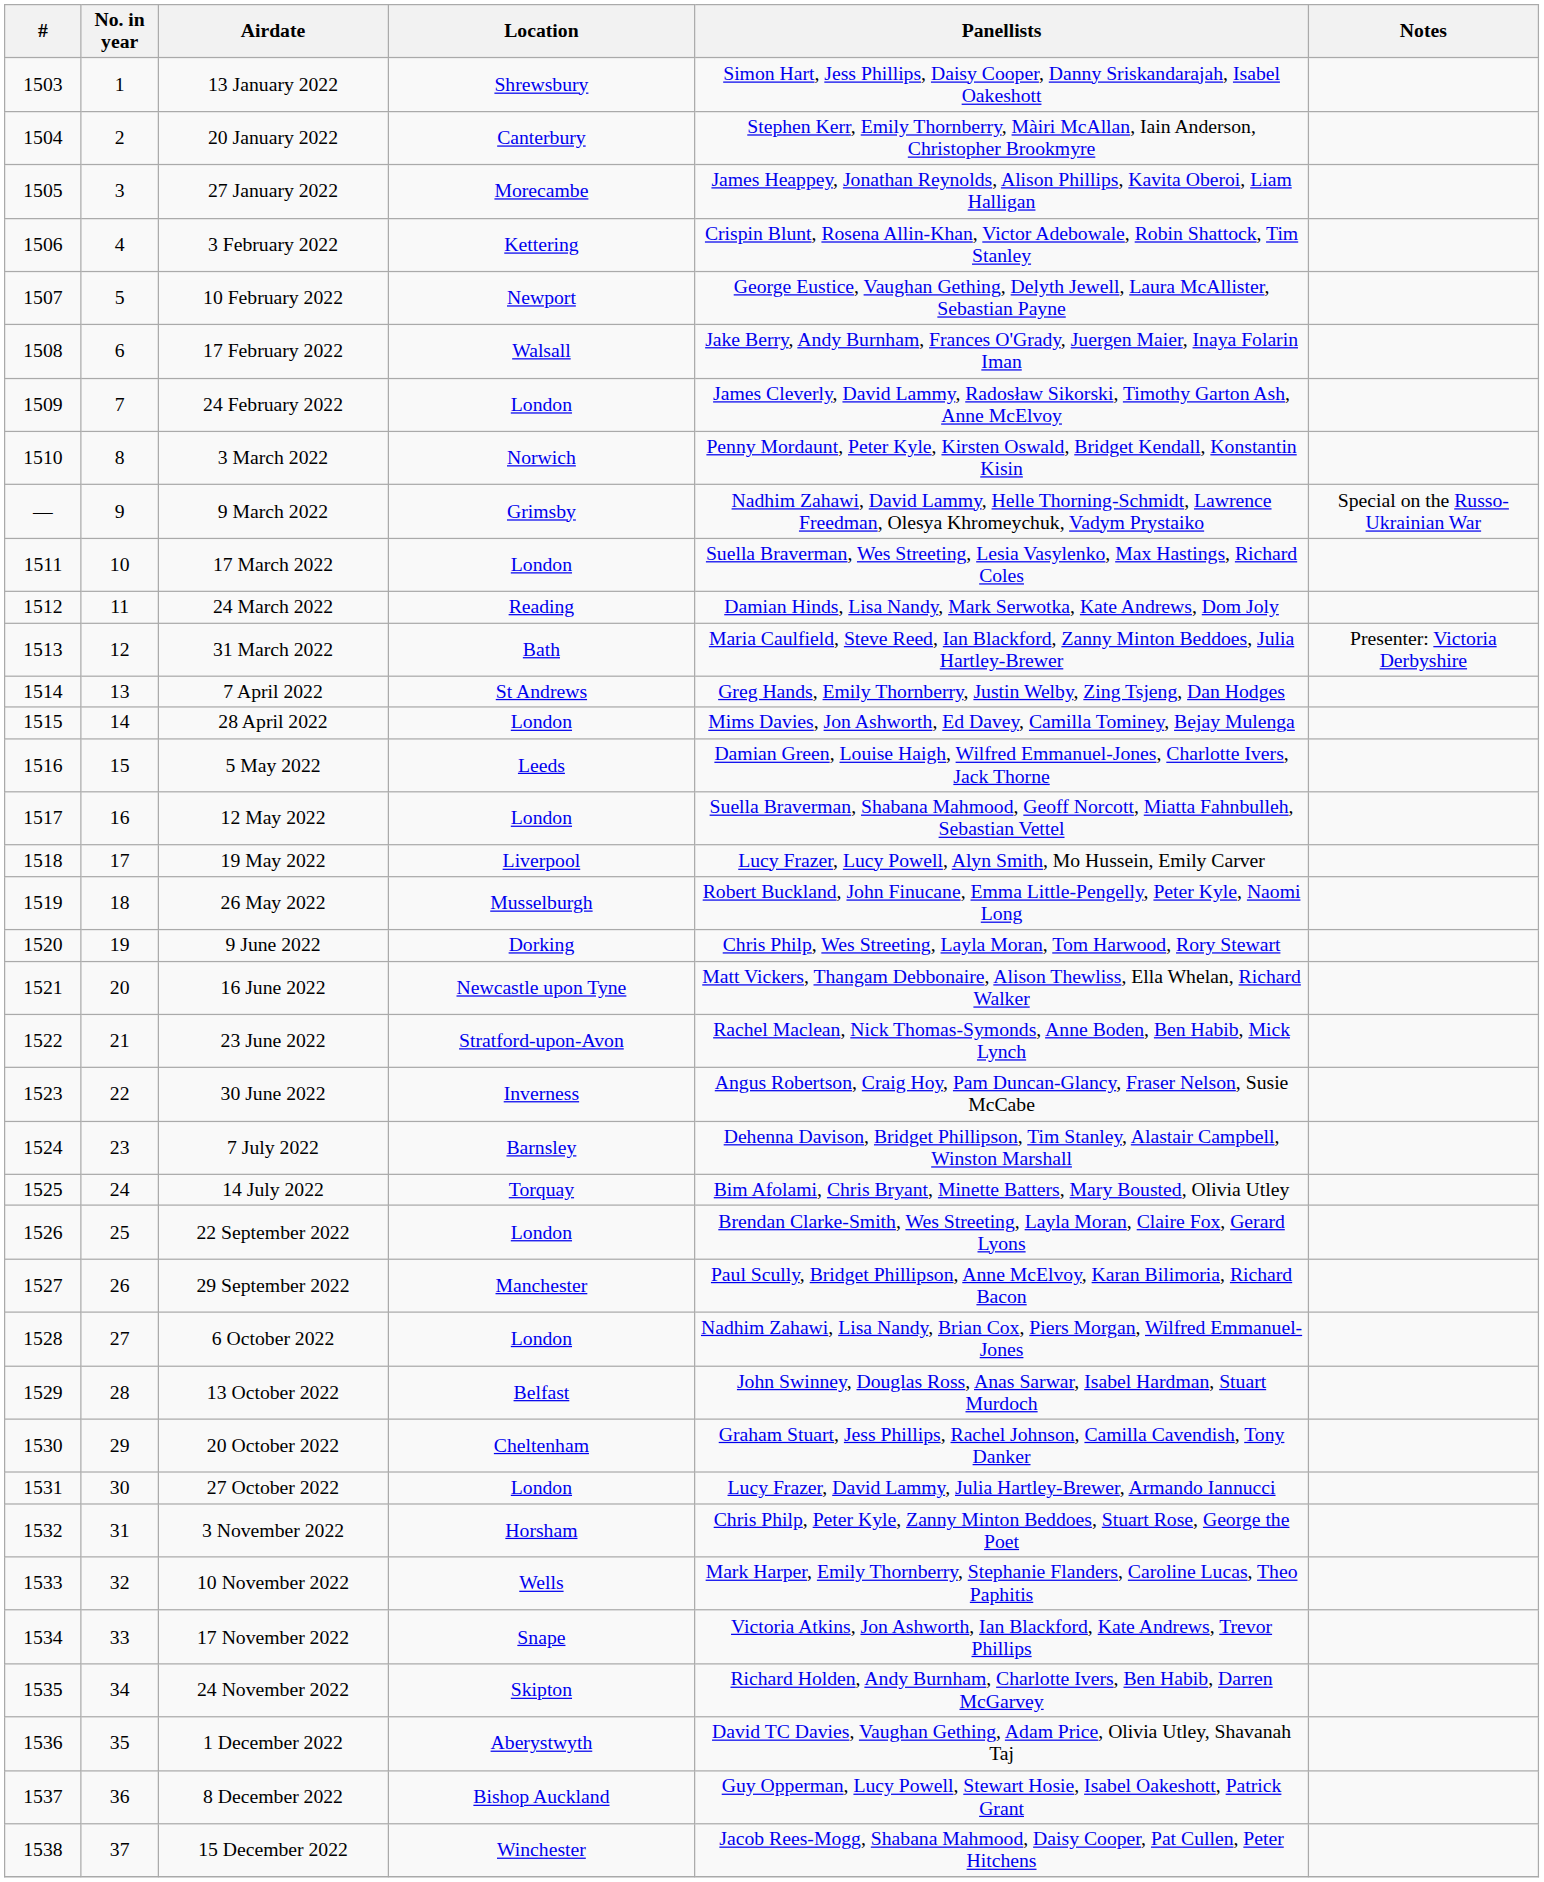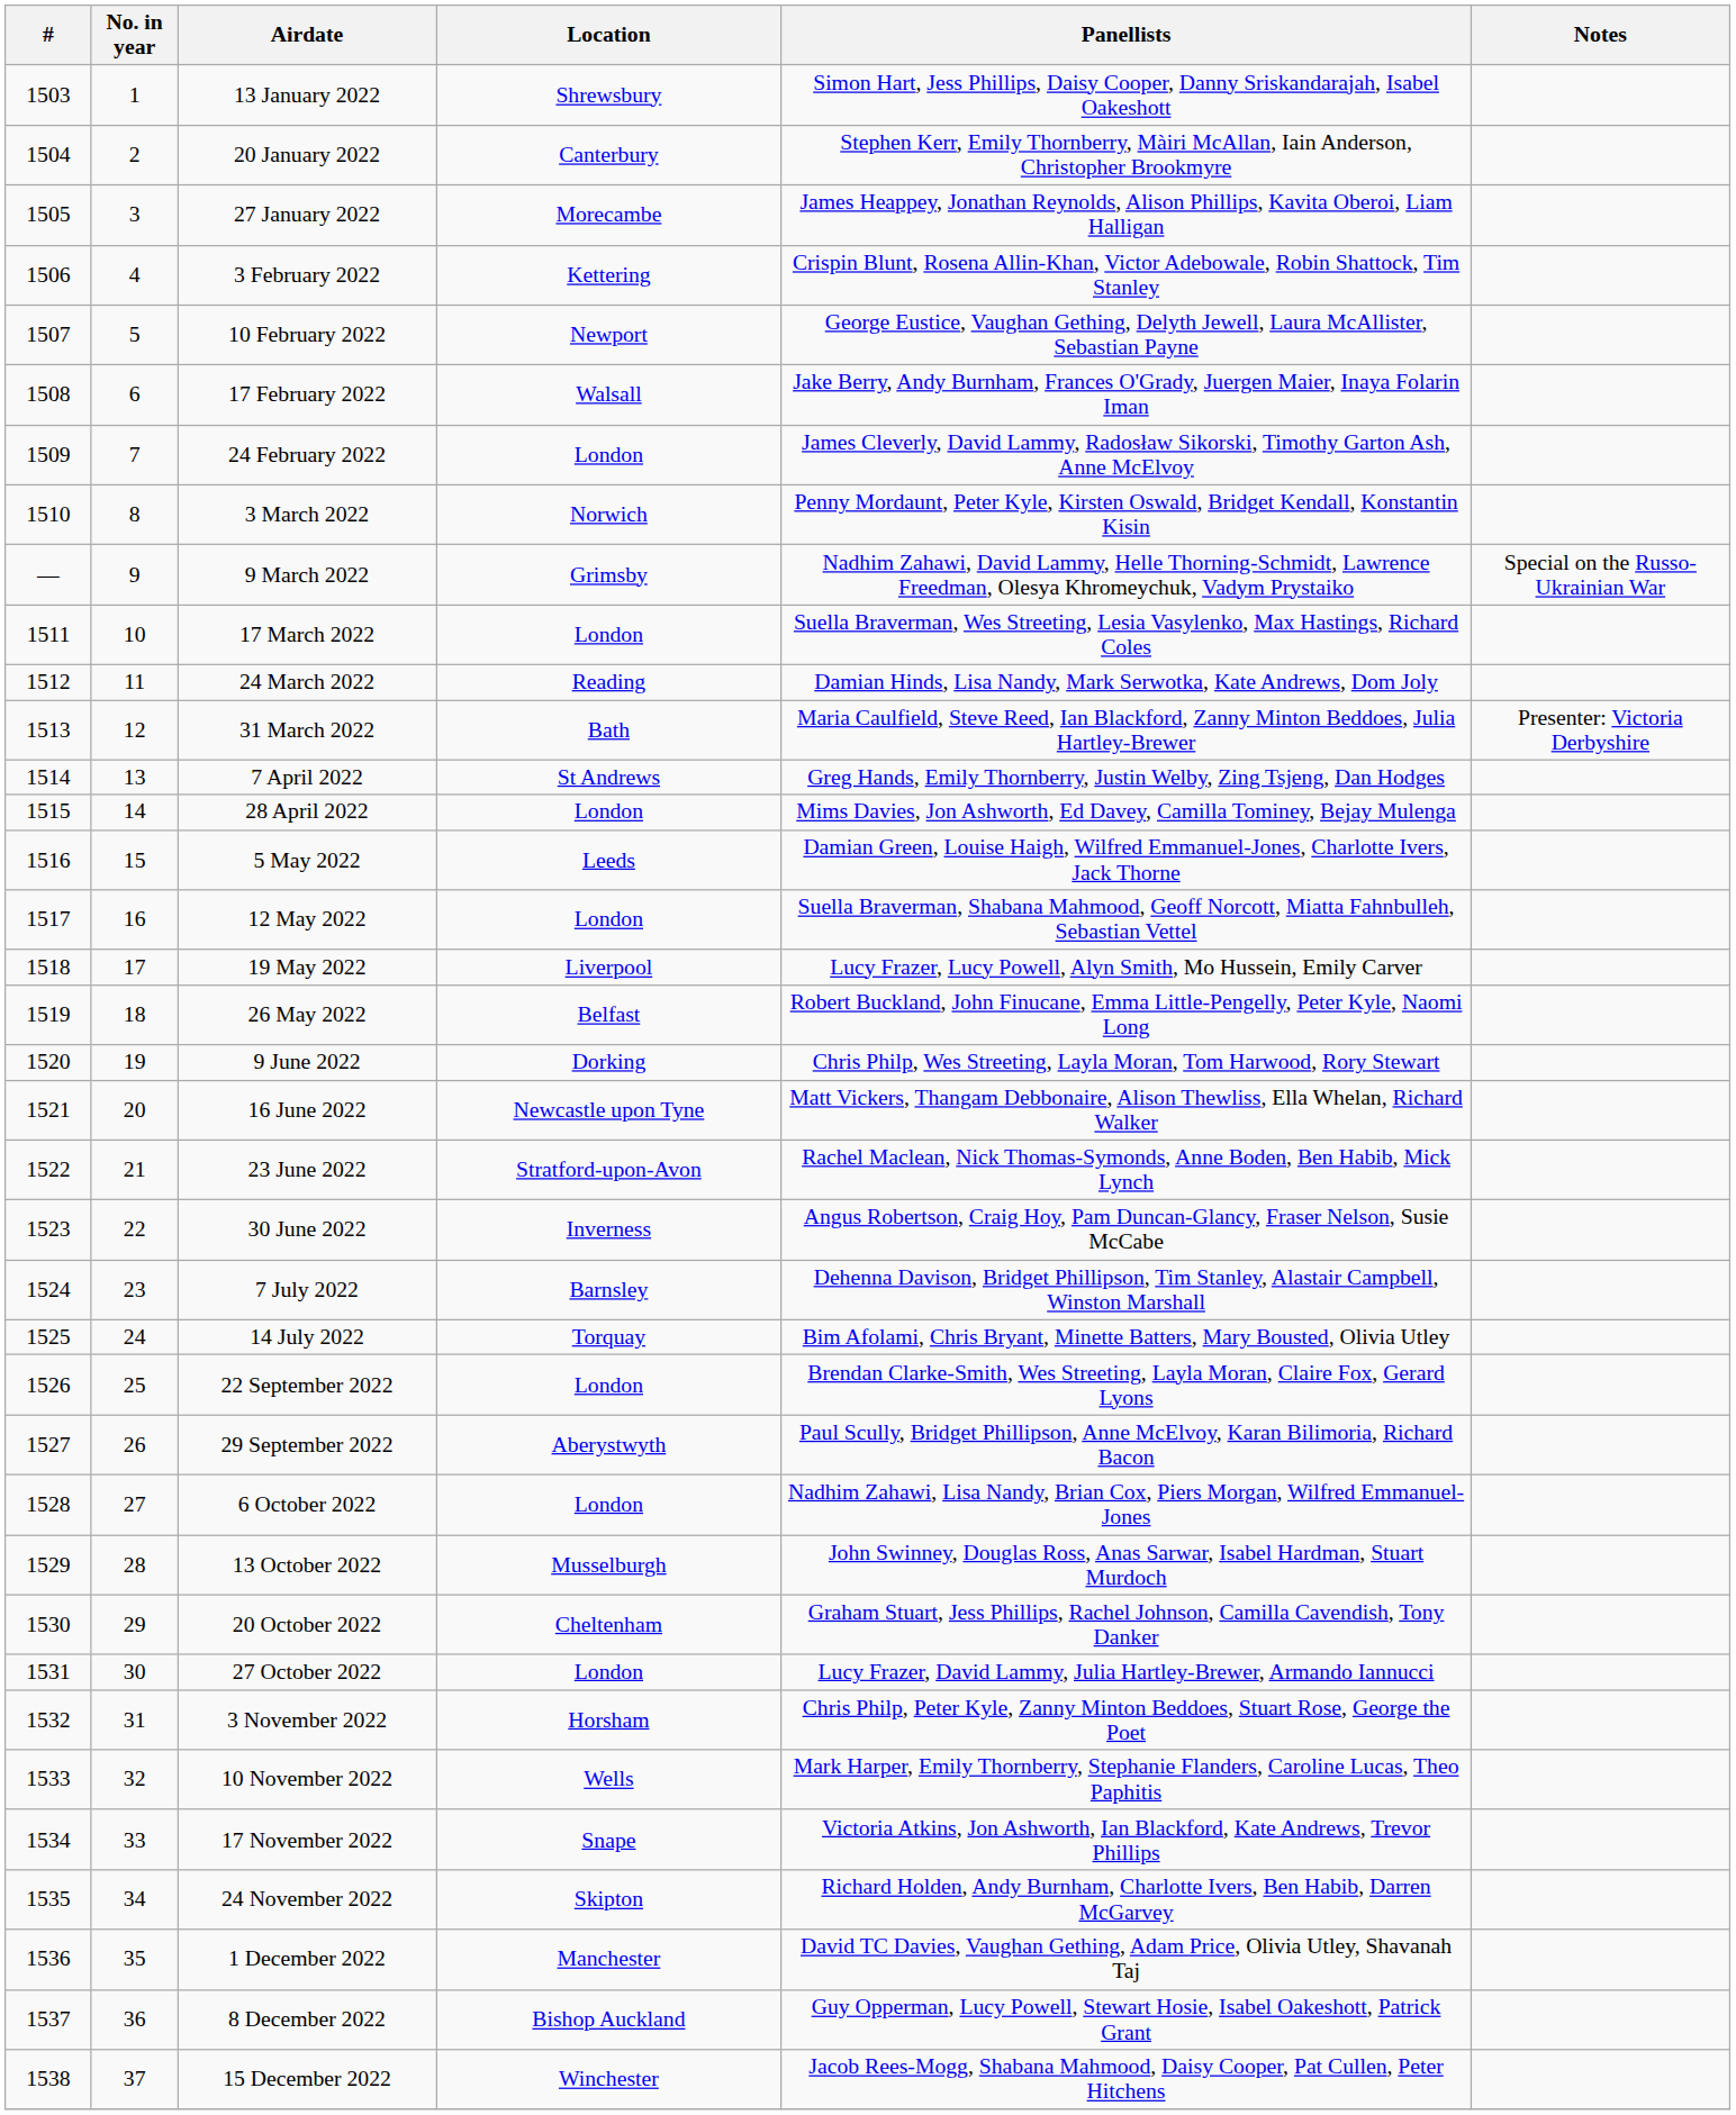 <table class="wikitable" style="text-align:center;">
 <tr>
 <th style="width:5%;">#</th>
 <th style="width:5%;">No. in year</th>
 <th style="width:15%;">Airdate</th>
 <th style="width:20%;">Location</th>
 <th style="width:40%;">Panellists</th>
 <th style="width:40%;">Notes</th>
 </tr>
 <tr>
 <td>1503</td>
 <td>1</td>
 <td>13 January 2022</td>
 <td><a href='#'>Shrewsbury</a></td>
 <td><a href='#'>Simon Hart</a>, <a href='#'>Jess Phillips</a>, <a href='#'>Daisy Cooper</a>, <a href='#'>Danny Sriskandarajah</a>, <a href='#'>Isabel Oakeshott</a></td>
 <td></td>
 </tr>
 <tr>
 <td>1504</td>
 <td>2</td>
 <td>20 January 2022</td>
 <td><a href='#'>Canterbury</a></td>
 <td><a href='#'>Stephen Kerr</a>, <a href='#'>Emily Thornberry</a>, <a href='#'>Màiri McAllan</a>, Iain Anderson, <a href='#'>Christopher Brookmyre</a></td>
 <td></td>
 </tr>
 <tr>
 <td>1505</td>
 <td>3</td>
 <td>27 January 2022</td>
 <td><a href='#'>Morecambe</a></td>
 <td><a href='#'>James Heappey</a>, <a href='#'>Jonathan Reynolds</a>, <a href='#'>Alison Phillips</a>, <a href='#'>Kavita Oberoi</a>, <a href='#'>Liam Halligan</a></td>
 <td></td>
 </tr>
 <tr>
 <td>1506</td>
 <td>4</td>
 <td>3 February 2022</td>
 <td><a href='#'>Kettering</a></td>
 <td><a href='#'>Crispin Blunt</a>, <a href='#'>Rosena Allin-Khan</a>, <a href='#'>Victor Adebowale</a>, <a href='#'>Robin Shattock</a>, <a href='#'>Tim Stanley</a></td>
 <td></td>
 </tr>
 <tr>
 <td>1507</td>
 <td>5</td>
 <td>10 February 2022</td>
 <td><a href='#'>Newport</a></td>
 <td><a href='#'>George Eustice</a>, <a href='#'>Vaughan Gething</a>, <a href='#'>Delyth Jewell</a>, <a href='#'>Laura McAllister</a>, <a href='#'>Sebastian Payne</a></td>
 <td></td>
 </tr>
 <tr>
 <td>1508</td>
 <td>6</td>
 <td>17 February 2022</td>
 <td><a href='#'>Walsall</a></td>
 <td><a href='#'>Jake Berry</a>, <a href='#'>Andy Burnham</a>, <a href='#'>Frances O'Grady</a>, <a href='#'>Juergen Maier</a>, <a href='#'>Inaya Folarin Iman</a></td>
 <td></td>
 </tr>
 <tr>
 <td>1509</td>
 <td>7</td>
 <td>24 February 2022</td>
 <td><a href='#'>London</a></td>
 <td><a href='#'>James Cleverly</a>, <a href='#'>David Lammy</a>, <a href='#'>Radosław Sikorski</a>, <a href='#'>Timothy Garton Ash</a>, <a href='#'>Anne McElvoy</a></td>
 <td></td>
 </tr>
 <tr>
 <td>1510</td>
 <td>8</td>
 <td>3 March 2022</td>
 <td><a href='#'>Norwich</a></td>
 <td><a href='#'>Penny Mordaunt</a>, <a href='#'>Peter Kyle</a>, <a href='#'>Kirsten Oswald</a>, <a href='#'>Bridget Kendall</a>, <a href='#'>Konstantin Kisin</a></td>
 <td></td>
 </tr>
 <tr>
 <td>—</td>
 <td>9</td>
 <td>9 March 2022</td>
 <td><a href='#'>Grimsby</a></td>
 <td><a href='#'>Nadhim Zahawi</a>, <a href='#'>David Lammy</a>, <a href='#'>Helle Thorning-Schmidt</a>, <a href='#'>Lawrence Freedman</a>, Olesya Khromeychuk, <a href='#'>Vadym Prystaiko</a></td>
 <td>Special on the <a href='#'>Russo-Ukrainian War</a></td>
 </tr>
 <tr>
 <td>1511</td>
 <td>10</td>
 <td>17 March 2022</td>
 <td><a href='#'>London</a></td>
 <td><a href='#'>Suella Braverman</a>, <a href='#'>Wes Streeting</a>, <a href='#'>Lesia Vasylenko</a>, <a href='#'>Max Hastings</a>, <a href='#'>Richard Coles</a></td>
 <td></td>
 </tr>
 <tr>
 <td>1512</td>
 <td>11</td>
 <td>24 March 2022</td>
 <td><a href='#'>Reading</a></td>
 <td><a href='#'>Damian Hinds</a>, <a href='#'>Lisa Nandy</a>, <a href='#'>Mark Serwotka</a>, <a href='#'>Kate Andrews</a>, <a href='#'>Dom Joly</a></td>
 <td></td>
 </tr>
 <tr>
 <td>1513</td>
 <td>12</td>
 <td>31 March 2022</td>
 <td><a href='#'>Bath</a></td>
 <td><a href='#'>Maria Caulfield</a>, <a href='#'>Steve Reed</a>, <a href='#'>Ian Blackford</a>, <a href='#'>Zanny Minton Beddoes</a>, <a href='#'>Julia Hartley-Brewer</a></td>
 <td>Presenter: <a href='#'>Victoria Derbyshire</a></td>
 </tr>
 <tr>
 <td>1514</td>
 <td>13</td>
 <td>7 April 2022</td>
 <td><a href='#'>St Andrews</a></td>
 <td><a href='#'>Greg Hands</a>, <a href='#'>Emily Thornberry</a>, <a href='#'>Justin Welby</a>, <a href='#'>Zing Tsjeng</a>, <a href='#'>Dan Hodges</a></td>
 <td></td>
 </tr>
 <tr>
 <td>1515</td>
 <td>14</td>
 <td>28 April 2022</td>
 <td><a href='#'>London</a></td>
 <td><a href='#'>Mims Davies</a>, <a href='#'>Jon Ashworth</a>, <a href='#'>Ed Davey</a>, <a href='#'>Camilla Tominey</a>, <a href='#'>Bejay Mulenga</a></td>
 <td></td>
 </tr>
 <tr>
 <td>1516</td>
 <td>15</td>
 <td>5 May 2022</td>
 <td><a href='#'>Leeds</a></td>
 <td><a href='#'>Damian Green</a>, <a href='#'>Louise Haigh</a>, <a href='#'>Wilfred Emmanuel-Jones</a>, <a href='#'>Charlotte Ivers</a>, <a href='#'>Jack Thorne</a></td>
 <td></td>
 </tr>
 <tr>
 <td>1517</td>
 <td>16</td>
 <td>12 May 2022</td>
 <td><a href='#'>London</a></td>
 <td><a href='#'>Suella Braverman</a>, <a href='#'>Shabana Mahmood</a>, <a href='#'>Geoff Norcott</a>, <a href='#'>Miatta Fahnbulleh</a>, <a href='#'>Sebastian Vettel</a></td>
 <td></td>
 </tr>
 <tr>
 <td>1518</td>
 <td>17</td>
 <td>19 May 2022</td>
 <td><a href='#'>Liverpool</a></td>
 <td><a href='#'>Lucy Frazer</a>, <a href='#'>Lucy Powell</a>, <a href='#'>Alyn Smith</a>, Mo Hussein, Emily Carver</td>
 <td></td>
 </tr>
 <tr>
 <td>1519</td>
 <td>18</td>
 <td>26 May 2022</td>
-<td><a href='#'>Musselburgh</a></td>
+<td><a href='#'>Belfast</a></td>
 <td><a href='#'>Robert Buckland</a>, <a href='#'>John Finucane</a>, <a href='#'>Emma Little-Pengelly</a>, <a href='#'>Peter Kyle</a>, <a href='#'>Naomi Long</a></td>
 <td></td>
 </tr>
 <tr>
 <td>1520</td>
 <td>19</td>
 <td>9 June 2022</td>
 <td><a href='#'>Dorking</a></td>
 <td><a href='#'>Chris Philp</a>, <a href='#'>Wes Streeting</a>, <a href='#'>Layla Moran</a>, <a href='#'>Tom Harwood</a>, <a href='#'>Rory Stewart</a></td>
 <td></td>
 </tr>
 <tr>
 <td>1521</td>
 <td>20</td>
 <td>16 June 2022</td>
 <td><a href='#'>Newcastle upon Tyne</a></td>
 <td><a href='#'>Matt Vickers</a>, <a href='#'>Thangam Debbonaire</a>, <a href='#'>Alison Thewliss</a>, Ella Whelan, <a href='#'>Richard Walker</a></td>
 <td></td>
 </tr>
 <tr>
 <td>1522</td>
 <td>21</td>
 <td>23 June 2022</td>
 <td><a href='#'>Stratford-upon-Avon</a></td>
 <td><a href='#'>Rachel Maclean</a>, <a href='#'>Nick Thomas-Symonds</a>, <a href='#'>Anne Boden</a>, <a href='#'>Ben Habib</a>, <a href='#'>Mick Lynch</a></td>
 <td></td>
 </tr>
 <tr>
 <td>1523</td>
 <td>22</td>
 <td>30 June 2022</td>
 <td><a href='#'>Inverness</a></td>
 <td><a href='#'>Angus Robertson</a>, <a href='#'>Craig Hoy</a>, <a href='#'>Pam Duncan-Glancy</a>, <a href='#'>Fraser Nelson</a>, Susie McCabe</td>
 <td></td>
 </tr>
 <tr>
 <td>1524</td>
 <td>23</td>
 <td>7 July 2022</td>
 <td><a href='#'>Barnsley</a></td>
 <td><a href='#'>Dehenna Davison</a>, <a href='#'>Bridget Phillipson</a>, <a href='#'>Tim Stanley</a>, <a href='#'>Alastair Campbell</a>, <a href='#'>Winston Marshall</a></td>
 <td></td>
 </tr>
 <tr>
 <td>1525</td>
 <td>24</td>
 <td>14 July 2022</td>
 <td><a href='#'>Torquay</a></td>
 <td><a href='#'>Bim Afolami</a>, <a href='#'>Chris Bryant</a>, <a href='#'>Minette Batters</a>, <a href='#'>Mary Bousted</a>, Olivia Utley</td>
 <td></td>
 </tr>
 <tr>
 <td>1526</td>
 <td>25</td>
 <td>22 September 2022</td>
 <td><a href='#'>London</a></td>
 <td><a href='#'>Brendan Clarke-Smith</a>, <a href='#'>Wes Streeting</a>, <a href='#'>Layla Moran</a>, <a href='#'>Claire Fox</a>, <a href='#'>Gerard Lyons</a></td>
 <td></td>
 </tr>
 <tr>
 <td>1527</td>
 <td>26</td>
 <td>29 September 2022</td>
-<td><a href='#'>Manchester</a></td>
+<td><a href='#'>Aberystwyth</a></td>
 <td><a href='#'>Paul Scully</a>, <a href='#'>Bridget Phillipson</a>, <a href='#'>Anne McElvoy</a>, <a href='#'>Karan Bilimoria</a>, <a href='#'>Richard Bacon</a></td>
 <td></td>
 </tr>
 <tr>
 <td>1528</td>
 <td>27</td>
 <td>6 October 2022</td>
 <td><a href='#'>London</a></td>
 <td><a href='#'>Nadhim Zahawi</a>, <a href='#'>Lisa Nandy</a>, <a href='#'>Brian Cox</a>, <a href='#'>Piers Morgan</a>, <a href='#'>Wilfred Emmanuel-Jones</a></td>
 <td></td>
 </tr>
 <tr>
 <td>1529</td>
 <td>28</td>
 <td>13 October 2022</td>
-<td><a href='#'>Belfast</a></td>
+<td><a href='#'>Musselburgh</a></td>
 <td><a href='#'>John Swinney</a>, <a href='#'>Douglas Ross</a>, <a href='#'>Anas Sarwar</a>, <a href='#'>Isabel Hardman</a>, <a href='#'>Stuart Murdoch</a></td>
 <td></td>
 </tr>
 <tr>
 <td>1530</td>
 <td>29</td>
 <td>20 October 2022</td>
 <td><a href='#'>Cheltenham</a></td>
 <td><a href='#'>Graham Stuart</a>, <a href='#'>Jess Phillips</a>, <a href='#'>Rachel Johnson</a>, <a href='#'>Camilla Cavendish</a>, <a href='#'>Tony Danker</a></td>
 <td></td>
 </tr>
 <tr>
 <td>1531</td>
 <td>30</td>
 <td>27 October 2022</td>
 <td><a href='#'>London</a></td>
 <td><a href='#'>Lucy Frazer</a>, <a href='#'>David Lammy</a>, <a href='#'>Julia Hartley-Brewer</a>, <a href='#'>Armando Iannucci</a></td>
 <td></td>
 </tr>
 <tr>
 <td>1532</td>
 <td>31</td>
 <td>3 November 2022</td>
 <td><a href='#'>Horsham</a></td>
 <td><a href='#'>Chris Philp</a>, <a href='#'>Peter Kyle</a>, <a href='#'>Zanny Minton Beddoes</a>, <a href='#'>Stuart Rose</a>, <a href='#'>George the Poet</a></td>
 <td></td>
 </tr>
 <tr>
 <td>1533</td>
 <td>32</td>
 <td>10 November 2022</td>
 <td><a href='#'>Wells</a></td>
 <td><a href='#'>Mark Harper</a>, <a href='#'>Emily Thornberry</a>, <a href='#'>Stephanie Flanders</a>, <a href='#'>Caroline Lucas</a>, <a href='#'>Theo Paphitis</a></td>
 <td></td>
 </tr>
 <tr>
 <td>1534</td>
 <td>33</td>
 <td>17 November 2022</td>
 <td><a href='#'>Snape</a></td>
 <td><a href='#'>Victoria Atkins</a>, <a href='#'>Jon Ashworth</a>, <a href='#'>Ian Blackford</a>, <a href='#'>Kate Andrews</a>, <a href='#'>Trevor Phillips</a></td>
 <td></td>
 </tr>
 <tr>
 <td>1535</td>
 <td>34</td>
 <td>24 November 2022</td>
 <td><a href='#'>Skipton</a></td>
 <td><a href='#'>Richard Holden</a>, <a href='#'>Andy Burnham</a>, <a href='#'>Charlotte Ivers</a>, <a href='#'>Ben Habib</a>, <a href='#'>Darren McGarvey</a></td>
 <td></td>
 </tr>
 <tr>
 <td>1536</td>
 <td>35</td>
 <td>1 December 2022</td>
-<td><a href='#'>Aberystwyth</a></td>
+<td><a href='#'>Manchester</a></td>
 <td><a href='#'>David TC Davies</a>, <a href='#'>Vaughan Gething</a>, <a href='#'>Adam Price</a>, Olivia Utley, Shavanah Taj</td>
 <td></td>
 </tr>
 <tr>
 <td>1537</td>
 <td>36</td>
 <td>8 December 2022</td>
 <td><a href='#'>Bishop Auckland</a></td>
 <td><a href='#'>Guy Opperman</a>, <a href='#'>Lucy Powell</a>, <a href='#'>Stewart Hosie</a>, <a href='#'>Isabel Oakeshott</a>, <a href='#'>Patrick Grant</a></td>
 <td></td>
 </tr>
 <tr>
 <td>1538</td>
 <td>37</td>
 <td>15 December 2022</td>
 <td><a href='#'>Winchester</a></td>
 <td><a href='#'>Jacob Rees-Mogg</a>, <a href='#'>Shabana Mahmood</a>, <a href='#'>Daisy Cooper</a>, <a href='#'>Pat Cullen</a>, <a href='#'>Peter Hitchens</a></td>
 <td></td>
 </tr>
 <tr>
 </tr>
 </table>
